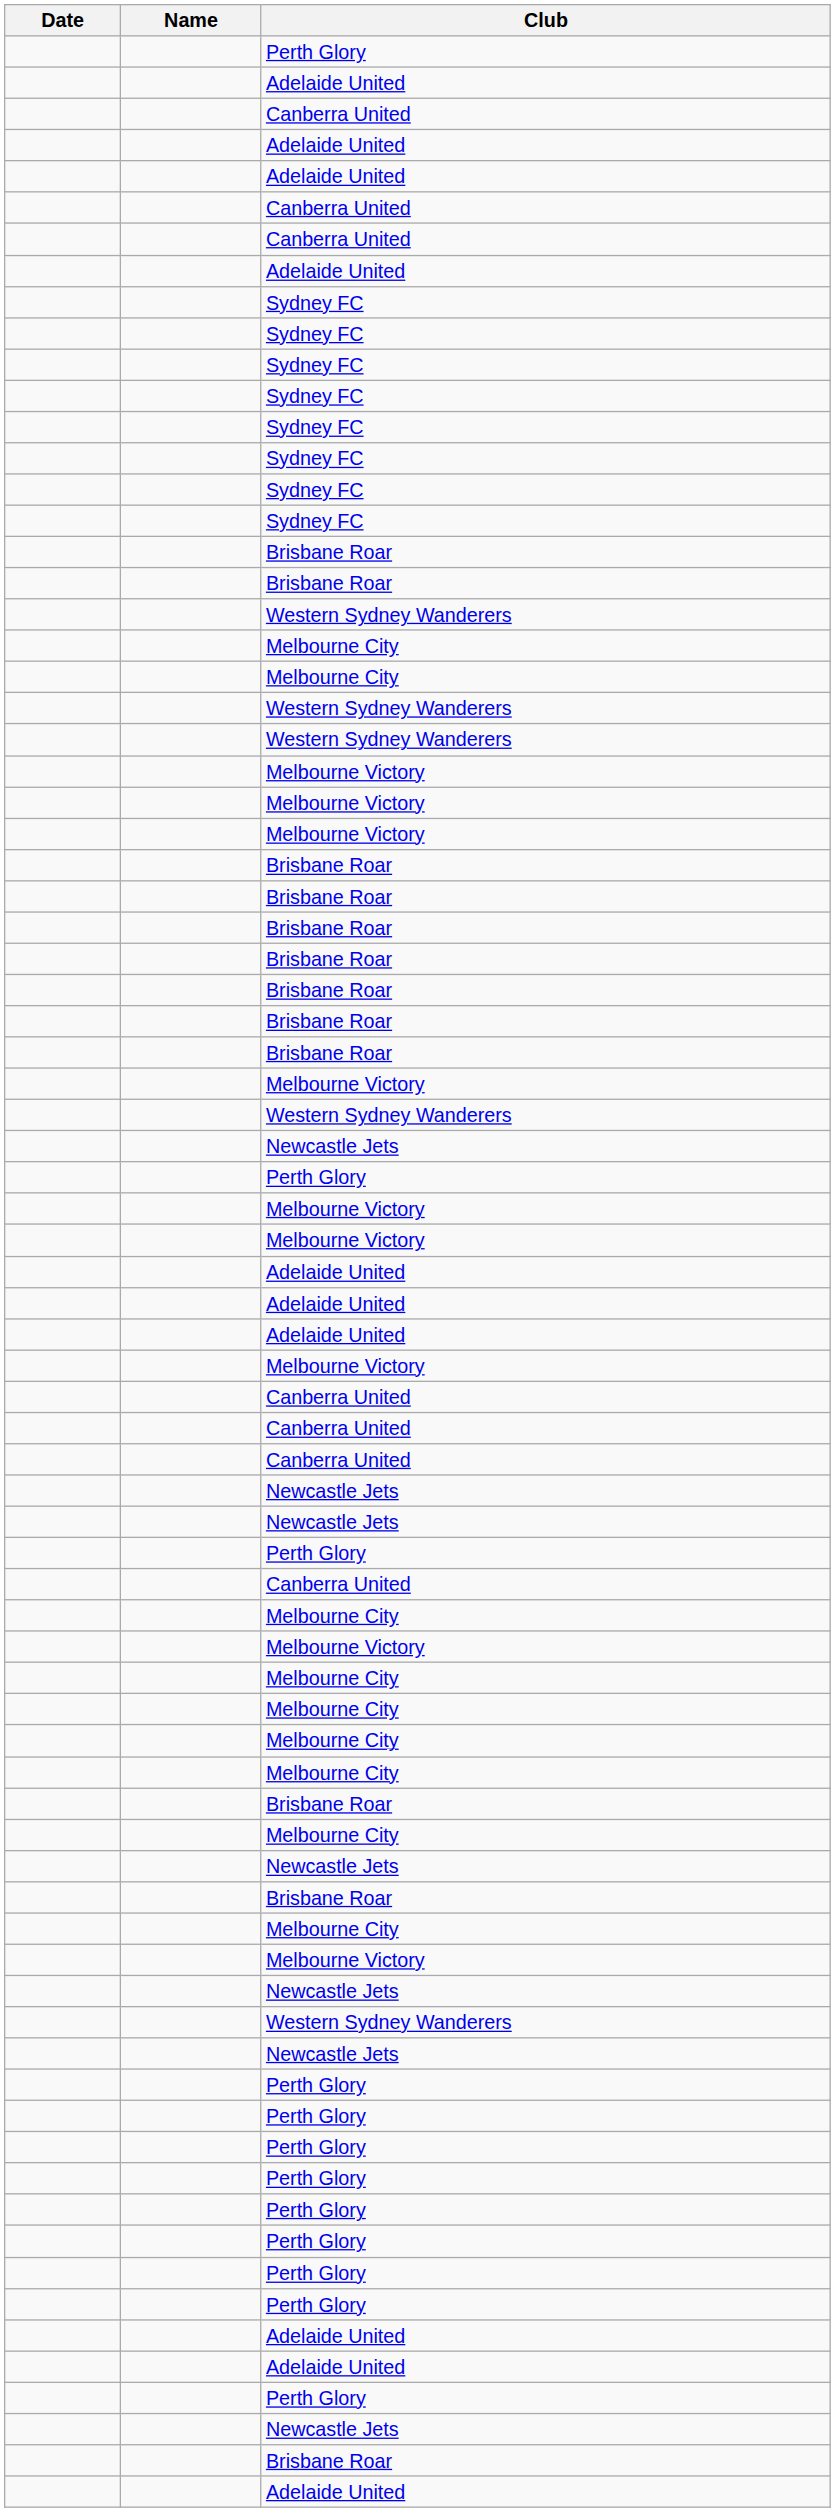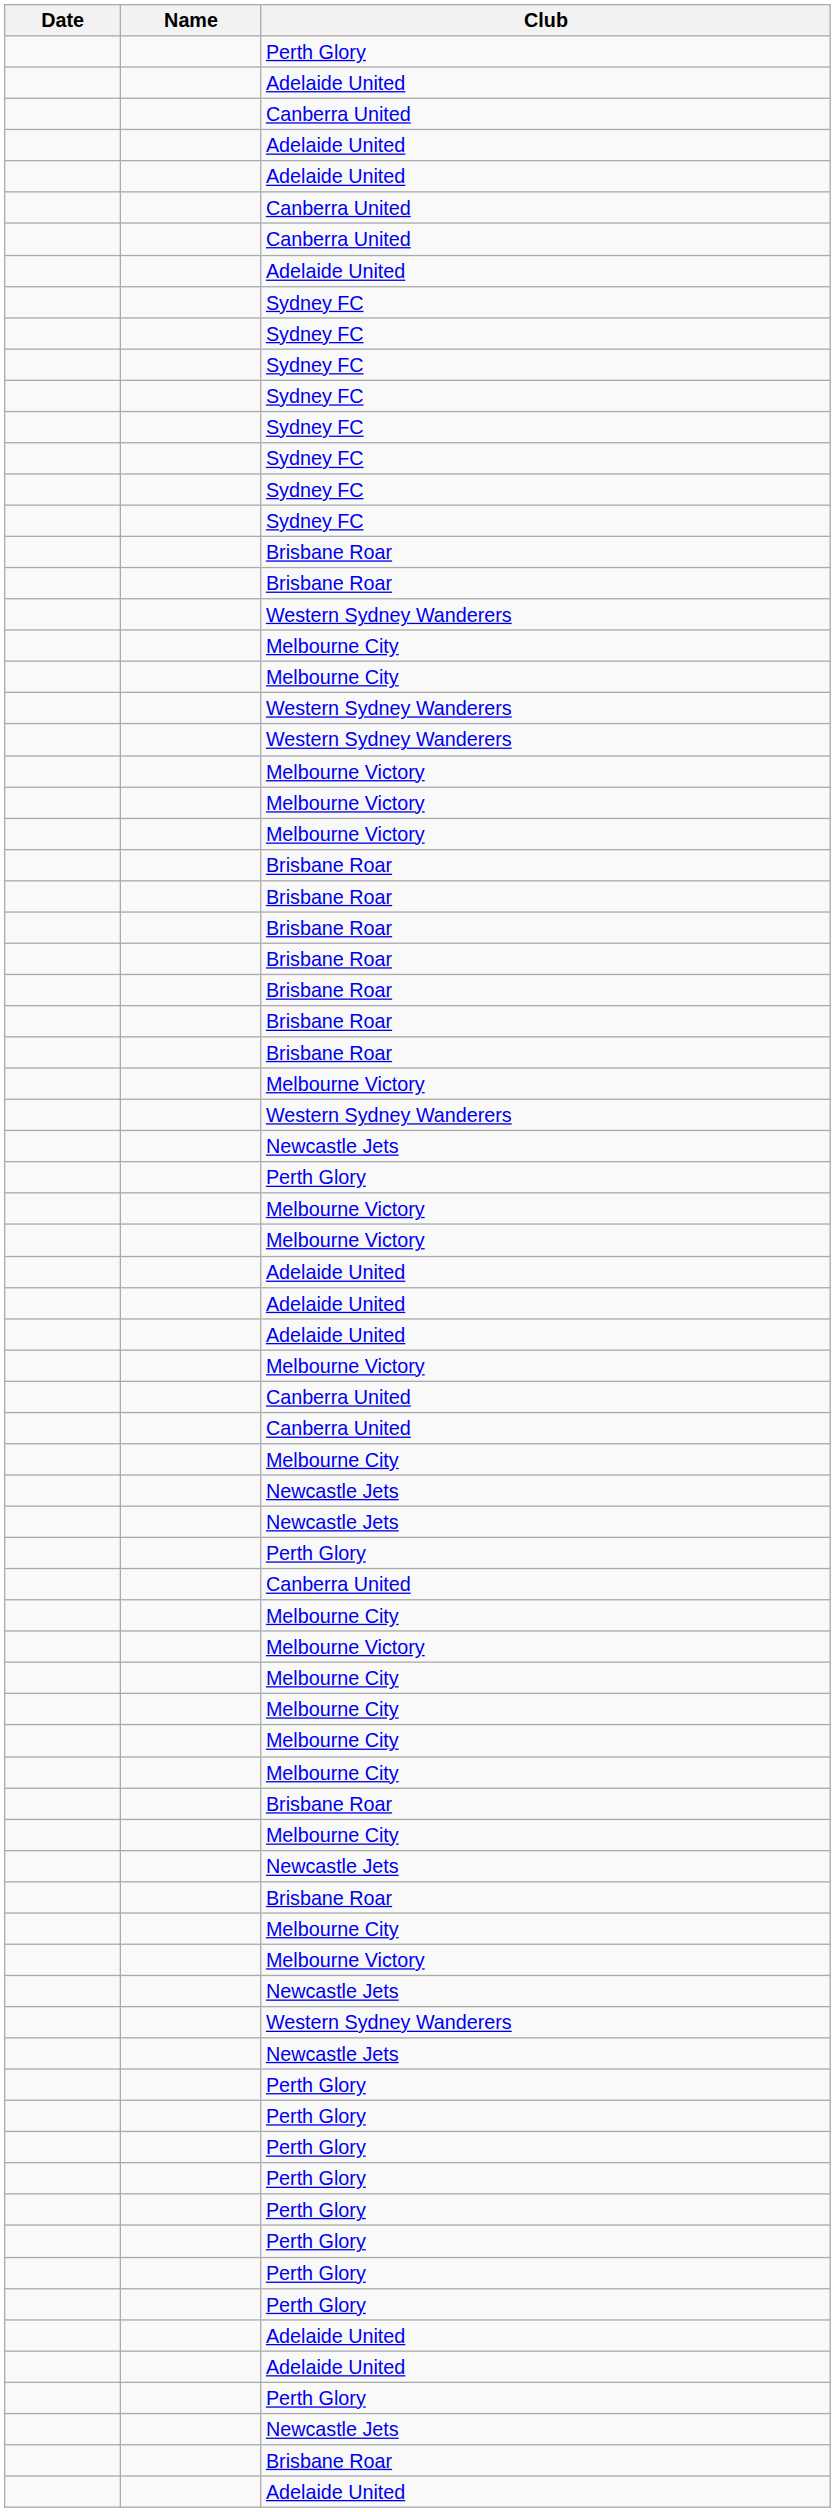 <table class="wikitable sortable" style="width:72%; font-size:95%; ">
 <tr>
 <th>Date</th>
 <th>Name</th>
 <th>Club</th>
 </tr>
 <tr>
 <td></td>
 <td></td>
 <td><a href='#'>Perth Glory</a></td>
 </tr>
 <tr>
 <td></td>
 <td></td>
 <td><a href='#'>Adelaide United</a></td>
 </tr>
 <tr>
 <td></td>
 <td></td>
 <td><a href='#'>Canberra United</a></td>
 </tr>
 <tr>
 <td></td>
 <td></td>
 <td><a href='#'>Adelaide United</a></td>
 </tr>
 <tr>
 <td></td>
 <td></td>
 <td><a href='#'>Adelaide United</a></td>
 </tr>
 <tr>
 <td></td>
 <td></td>
 <td><a href='#'>Canberra United</a></td>
 </tr>
 <tr>
 <td></td>
 <td></td>
 <td><a href='#'>Canberra United</a></td>
 </tr>
 <tr>
 <td></td>
 <td></td>
 <td><a href='#'>Adelaide United</a></td>
 </tr>
 <tr>
 <td></td>
 <td></td>
 <td><a href='#'>Sydney FC</a></td>
 </tr>
 <tr>
 <td></td>
 <td></td>
 <td><a href='#'>Sydney FC</a></td>
 </tr>
 <tr>
 <td></td>
 <td></td>
 <td><a href='#'>Sydney FC</a></td>
 </tr>
 <tr>
 <td></td>
 <td></td>
 <td><a href='#'>Sydney FC</a></td>
 </tr>
 <tr>
 <td></td>
 <td></td>
 <td><a href='#'>Sydney FC</a></td>
 </tr>
 <tr>
 <td></td>
 <td></td>
 <td><a href='#'>Sydney FC</a></td>
 </tr>
 <tr>
 <td></td>
 <td></td>
 <td><a href='#'>Sydney FC</a></td>
 </tr>
 <tr>
 <td></td>
 <td></td>
 <td><a href='#'>Sydney FC</a></td>
 </tr>
 <tr>
 <td></td>
 <td></td>
 <td><a href='#'>Brisbane Roar</a></td>
 </tr>
 <tr>
 <td></td>
 <td></td>
 <td><a href='#'>Brisbane Roar</a></td>
 </tr>
 <tr>
 <td></td>
 <td></td>
 <td><a href='#'>Western Sydney Wanderers</a></td>
 </tr>
 <tr>
 <td></td>
 <td></td>
 <td><a href='#'>Melbourne City</a></td>
 </tr>
 <tr>
 <td></td>
 <td></td>
 <td><a href='#'>Melbourne City</a></td>
 </tr>
 <tr>
 <td></td>
 <td></td>
 <td><a href='#'>Western Sydney Wanderers</a></td>
 </tr>
 <tr>
 <td></td>
 <td></td>
 <td><a href='#'>Western Sydney Wanderers</a></td>
 </tr>
 <tr>
 <td></td>
 <td></td>
 <td><a href='#'>Melbourne Victory</a></td>
 </tr>
 <tr>
 <td></td>
 <td></td>
 <td><a href='#'>Melbourne Victory</a></td>
 </tr>
 <tr>
 <td></td>
 <td></td>
 <td><a href='#'>Melbourne Victory</a></td>
 </tr>
 <tr>
 <td></td>
 <td></td>
 <td><a href='#'>Brisbane Roar</a></td>
 </tr>
 <tr>
 <td></td>
 <td></td>
 <td><a href='#'>Brisbane Roar</a></td>
 </tr>
 <tr>
 <td></td>
 <td></td>
 <td><a href='#'>Brisbane Roar</a></td>
 </tr>
 <tr>
 <td></td>
 <td></td>
 <td><a href='#'>Brisbane Roar</a></td>
 </tr>
 <tr>
 <td></td>
 <td></td>
 <td><a href='#'>Brisbane Roar</a></td>
 </tr>
 <tr>
 <td></td>
 <td></td>
 <td><a href='#'>Brisbane Roar</a></td>
 </tr>
 <tr>
 <td></td>
 <td></td>
 <td><a href='#'>Brisbane Roar</a></td>
 </tr>
 <tr>
 <td></td>
 <td></td>
 <td><a href='#'>Melbourne Victory</a></td>
 </tr>
 <tr>
 <td></td>
 <td></td>
 <td><a href='#'>Western Sydney Wanderers</a></td>
 </tr>
 <tr>
 <td></td>
 <td></td>
 <td><a href='#'>Newcastle Jets</a></td>
 </tr>
 <tr>
 <td></td>
 <td></td>
 <td><a href='#'>Perth Glory</a></td>
 </tr>
 <tr>
 <td></td>
 <td></td>
 <td><a href='#'>Melbourne Victory</a></td>
 </tr>
 <tr>
 <td></td>
 <td></td>
 <td><a href='#'>Melbourne Victory</a></td>
 </tr>
 <tr>
 <td></td>
 <td></td>
 <td><a href='#'>Adelaide United</a></td>
 </tr>
 <tr>
 <td></td>
 <td></td>
 <td><a href='#'>Adelaide United</a></td>
 </tr>
 <tr>
 <td></td>
 <td></td>
 <td><a href='#'>Adelaide United</a></td>
 </tr>
 <tr>
 <td></td>
 <td></td>
 <td><a href='#'>Melbourne Victory</a></td>
 </tr>
 <tr>
 <td></td>
 <td></td>
 <td><a href='#'>Canberra United</a></td>
 </tr>
 <tr>
 <td></td>
 <td></td>
 <td><a href='#'>Canberra United</a></td>
 </tr>
 <tr>
 <td></td>
 <td></td>
-<td><a href='#'>Canberra United</a></td>
+<td><a href='#'>Melbourne City</a></td>
 </tr>
 <tr>
 <td></td>
 <td></td>
 <td><a href='#'>Newcastle Jets</a></td>
 </tr>
 <tr>
 <td></td>
 <td></td>
 <td><a href='#'>Newcastle Jets</a></td>
 </tr>
 <tr>
 <td></td>
 <td></td>
 <td><a href='#'>Perth Glory</a></td>
 </tr>
 <tr>
 <td></td>
 <td></td>
 <td><a href='#'>Canberra United</a></td>
 </tr>
 <tr>
 <td></td>
 <td></td>
 <td><a href='#'>Melbourne City</a></td>
 </tr>
 <tr>
 <td></td>
 <td></td>
 <td><a href='#'>Melbourne Victory</a></td>
 </tr>
 <tr>
 <td></td>
 <td></td>
 <td><a href='#'>Melbourne City</a></td>
 </tr>
 <tr>
 <td></td>
 <td></td>
 <td><a href='#'>Melbourne City</a></td>
 </tr>
 <tr>
 <td></td>
 <td></td>
 <td><a href='#'>Melbourne City</a></td>
 </tr>
 <tr>
 <td></td>
 <td></td>
 <td><a href='#'>Melbourne City</a></td>
 </tr>
 <tr>
 <td></td>
 <td></td>
 <td><a href='#'>Brisbane Roar</a></td>
 </tr>
 <tr>
 <td></td>
 <td></td>
 <td><a href='#'>Melbourne City</a></td>
 </tr>
 <tr>
 <td></td>
 <td></td>
 <td><a href='#'>Newcastle Jets</a></td>
 </tr>
 <tr>
 <td></td>
 <td></td>
 <td><a href='#'>Brisbane Roar</a></td>
 </tr>
 <tr>
 <td></td>
 <td></td>
 <td><a href='#'>Melbourne City</a></td>
 </tr>
 <tr>
 <td></td>
 <td></td>
 <td><a href='#'>Melbourne Victory</a></td>
 </tr>
 <tr>
 <td></td>
 <td></td>
 <td><a href='#'>Newcastle Jets</a></td>
 </tr>
 <tr>
 <td></td>
 <td></td>
 <td><a href='#'>Western Sydney Wanderers</a></td>
 </tr>
 <tr>
 <td></td>
 <td></td>
 <td><a href='#'>Newcastle Jets</a></td>
 </tr>
 <tr>
 <td></td>
 <td></td>
 <td><a href='#'>Perth Glory</a></td>
 </tr>
 <tr>
 <td></td>
 <td></td>
 <td><a href='#'>Perth Glory</a></td>
 </tr>
 <tr>
 <td></td>
 <td></td>
 <td><a href='#'>Perth Glory</a></td>
 </tr>
 <tr>
 <td></td>
 <td></td>
 <td><a href='#'>Perth Glory</a></td>
 </tr>
 <tr>
 <td></td>
 <td></td>
 <td><a href='#'>Perth Glory</a></td>
 </tr>
 <tr>
 <td></td>
 <td></td>
 <td><a href='#'>Perth Glory</a></td>
 </tr>
 <tr>
 <td></td>
 <td></td>
 <td><a href='#'>Perth Glory</a></td>
 </tr>
 <tr>
 <td></td>
 <td></td>
 <td><a href='#'>Perth Glory</a></td>
 </tr>
 <tr>
 <td></td>
 <td></td>
 <td><a href='#'>Adelaide United</a></td>
 </tr>
 <tr>
 <td></td>
 <td></td>
 <td><a href='#'>Adelaide United</a></td>
 </tr>
 <tr>
 <td></td>
 <td></td>
 <td><a href='#'>Perth Glory</a></td>
 </tr>
 <tr>
 <td></td>
 <td></td>
 <td><a href='#'>Newcastle Jets</a></td>
 </tr>
 <tr>
 <td></td>
 <td></td>
 <td><a href='#'>Brisbane Roar</a></td>
 </tr>
 <tr>
 <td></td>
 <td></td>
 <td><a href='#'>Adelaide United</a></td>
 </tr>
 </table>
